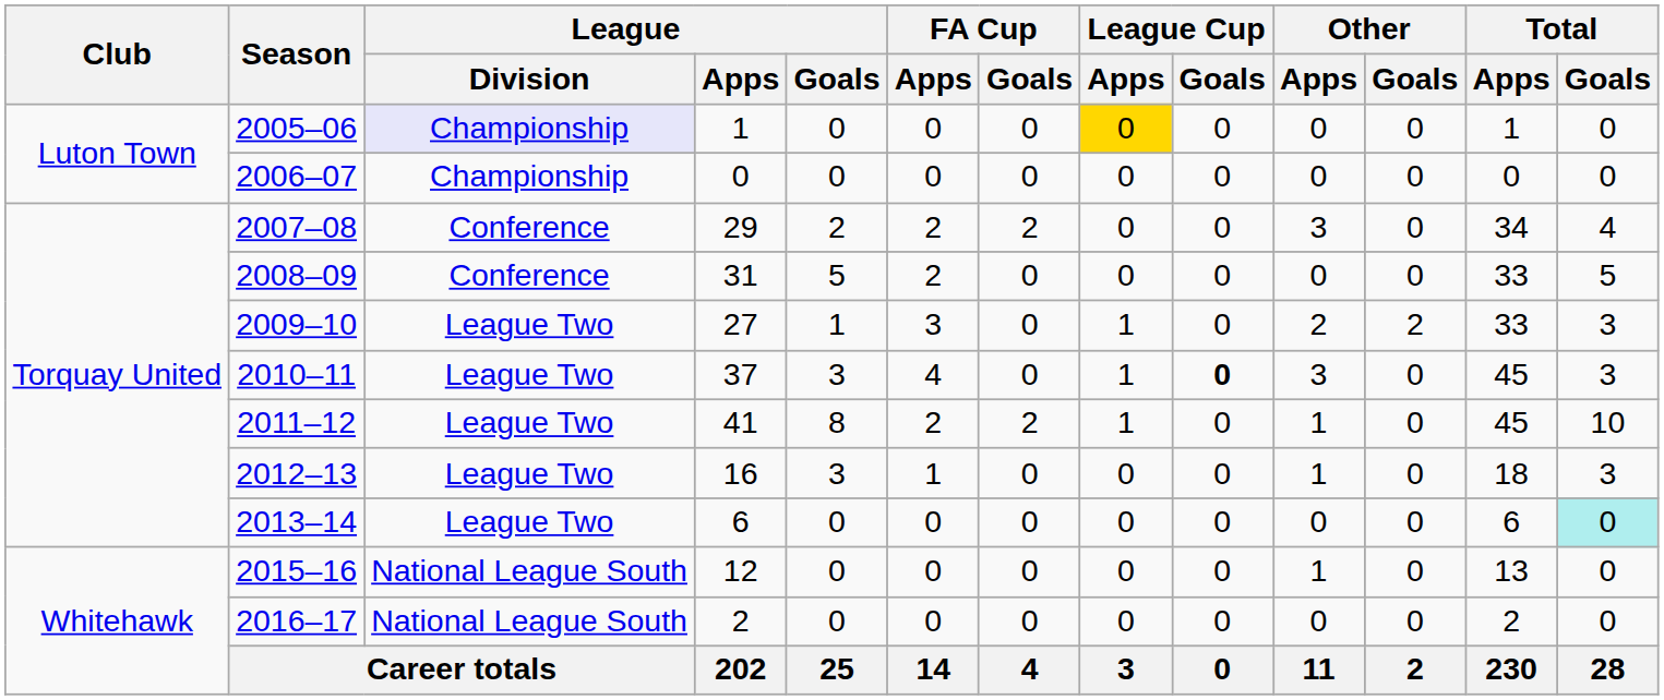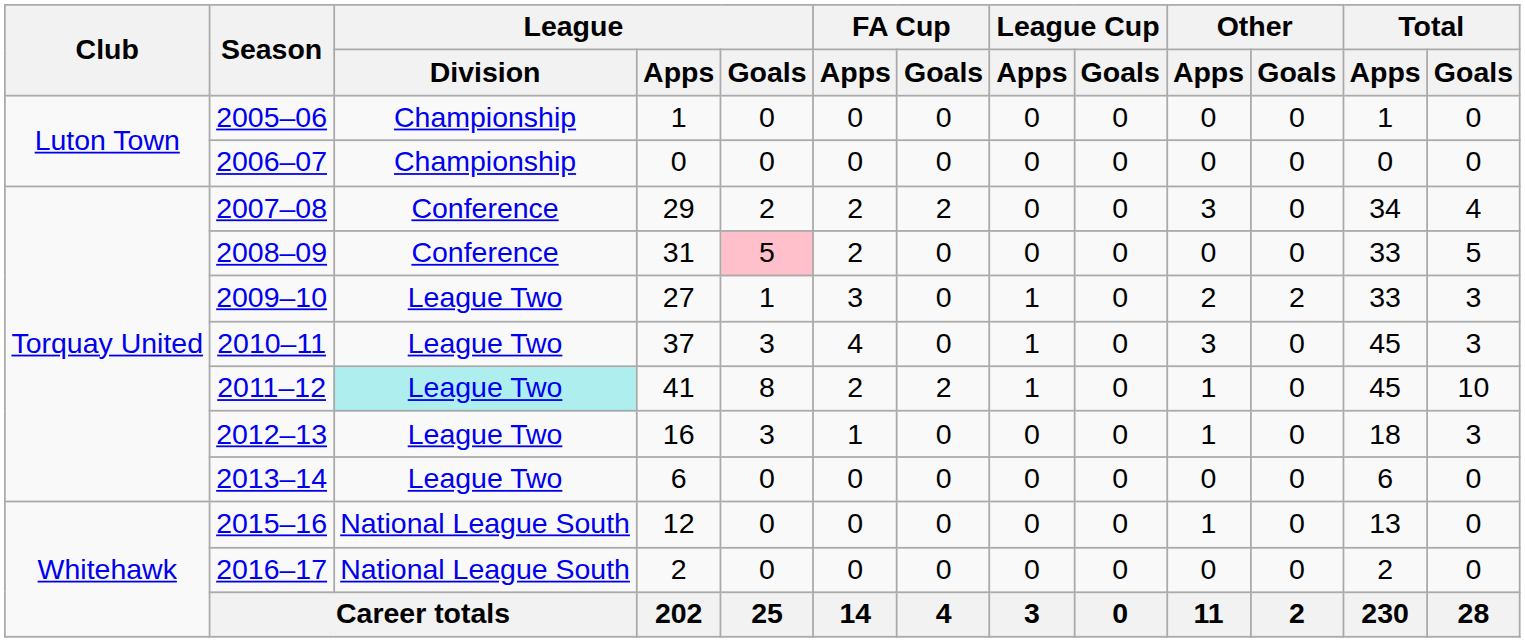 <table class="wikitable" style="text-align: center;">
 <tr>
 <th rowspan="2">Club</th>
 <th rowspan="2">Season</th>
 <th colspan="3">League</th>
 <th colspan="2">FA Cup</th>
 <th colspan="2">League Cup</th>
 <th colspan="2">Other</th>
 <th colspan="2">Total</th>
 </tr>
 <tr>
 <th>Division</th>
 <th>Apps</th>
 <th>Goals</th>
 <th>Apps</th>
 <th>Goals</th>
 <th>Apps</th>
 <th>Goals</th>
 <th>Apps</th>
 <th>Goals</th>
 <th>Apps</th>
 <th>Goals</th>
 </tr>
 <tr>
 <td rowspan="2" valign="center"><a href='#'>Luton Town</a></td>
 <td><a href='#'>2005–06</a></td>
-<td style="background: lavender;"><a href='#'>Championship</a></td>
+<td><a href='#'>Championship</a></td>
 <td>1</td>
 <td>0</td>
 <td>0</td>
 <td>0</td>
-<td style="background: gold;">0</td>
+<td>0</td>
 <td>0</td>
 <td>0</td>
 <td>0</td>
 <td>1</td>
 <td>0</td>
 </tr>
 <tr>
 <td><a href='#'>2006–07</a></td>
 <td><a href='#'>Championship</a></td>
 <td>0</td>
 <td>0</td>
 <td>0</td>
 <td>0</td>
 <td>0</td>
 <td>0</td>
 <td>0</td>
 <td>0</td>
 <td>0</td>
 <td>0</td>
 </tr>
 <tr>
 <td rowspan="7" valign="center"><a href='#'>Torquay United</a></td>
 <td><a href='#'>2007–08</a></td>
 <td><a href='#'>Conference</a></td>
 <td>29</td>
 <td>2</td>
 <td>2</td>
 <td>2</td>
 <td>0</td>
 <td>0</td>
 <td>3</td>
 <td>0</td>
 <td>34</td>
 <td>4</td>
 </tr>
 <tr>
 <td><a href='#'>2008–09</a></td>
 <td><a href='#'>Conference</a></td>
 <td>31</td>
-<td>5</td>
+<td style="background: pink;">5</td>
 <td>2</td>
 <td>0</td>
 <td>0</td>
 <td>0</td>
 <td>0</td>
 <td>0</td>
 <td>33</td>
 <td>5</td>
 </tr>
 <tr>
 <td><a href='#'>2009–10</a></td>
 <td><a href='#'>League Two</a></td>
 <td>27</td>
 <td>1</td>
 <td>3</td>
 <td>0</td>
 <td>1</td>
 <td>0</td>
 <td>2</td>
 <td>2</td>
 <td>33</td>
 <td>3</td>
 </tr>
 <tr>
 <td><a href='#'>2010–11</a></td>
 <td><a href='#'>League Two</a></td>
 <td>37</td>
 <td>3</td>
 <td>4</td>
 <td>0</td>
 <td>1</td>
-<td><strong>0</strong></td>
+<td>0</td>
 <td>3</td>
 <td>0</td>
 <td>45</td>
 <td>3</td>
 </tr>
 <tr>
 <td><a href='#'>2011–12</a></td>
-<td><a href='#'>League Two</a></td>
+<td style="background: paleturquoise;"><a href='#'>League Two</a></td>
 <td>41</td>
 <td>8</td>
 <td>2</td>
 <td>2</td>
 <td>1</td>
 <td>0</td>
 <td>1</td>
 <td>0</td>
 <td>45</td>
 <td>10</td>
 </tr>
 <tr>
 <td><a href='#'>2012–13</a></td>
 <td><a href='#'>League Two</a></td>
 <td>16</td>
 <td>3</td>
 <td>1</td>
 <td>0</td>
 <td>0</td>
 <td>0</td>
 <td>1</td>
 <td>0</td>
 <td>18</td>
 <td>3</td>
 </tr>
 <tr>
 <td><a href='#'>2013–14</a></td>
 <td><a href='#'>League Two</a></td>
 <td>6</td>
 <td>0</td>
 <td>0</td>
 <td>0</td>
 <td>0</td>
 <td>0</td>
 <td>0</td>
 <td>0</td>
 <td>6</td>
-<td style="background: paleturquoise;">0</td>
+<td>0</td>
 </tr>
 <tr>
 <td rowspan="5" valign="center"><a href='#'>Whitehawk</a></td>
 <td><a href='#'>2015–16</a></td>
 <td><a href='#'>National League South</a></td>
 <td>12</td>
 <td>0</td>
 <td>0</td>
 <td>0</td>
 <td>0</td>
 <td>0</td>
 <td>1</td>
 <td>0</td>
 <td>13</td>
 <td>0</td>
 </tr>
 <tr>
 <td><a href='#'>2016–17</a></td>
 <td><a href='#'>National League South</a></td>
 <td>2</td>
 <td>0</td>
 <td>0</td>
 <td>0</td>
 <td>0</td>
 <td>0</td>
 <td>0</td>
 <td>0</td>
 <td>2</td>
 <td>0</td>
 </tr>
 <tr>
 <th colspan="2">Career totals</th>
 <th>202</th>
 <th>25</th>
 <th>14</th>
 <th>4</th>
 <th>3</th>
 <th>0</th>
 <th>11</th>
 <th>2</th>
 <th>230</th>
 <th>28</th>
 </tr>
 </table>
